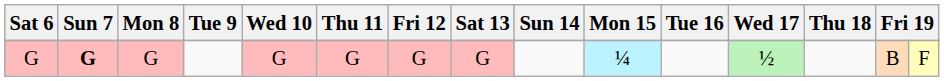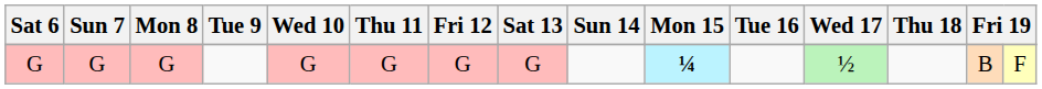 <table class="wikitable" style="margin:0.5em auto; font-size:90%; line-height:1.25em;">
 <tr align="center">
 <th>Sat 6</th>
 <th>Sun 7</th>
 <th>Mon 8</th>
 <th>Tue 9</th>
 <th>Wed 10</th>
 <th>Thu 11</th>
 <th>Fri 12</th>
 <th>Sat 13</th>
 <th>Sun 14</th>
 <th>Mon 15</th>
 <th>Tue 16</th>
 <th>Wed 17</th>
 <th>Thu 18</th>
 <th colspan="2">Fri 19</th>
 </tr>
 <tr>
 </tr>
 <tr align="center">
 <td bgcolor="#FFBBBB">G</td>
-<td bgcolor="#FFBBBB"><strong>G</strong></td>
+<td bgcolor="#FFBBBB">G</td>
 <td bgcolor="#FFBBBB">G</td>
 <td></td>
 <td bgcolor="#FFBBBB">G</td>
 <td bgcolor="#FFBBBB">G</td>
 <td bgcolor="#FFBBBB">G</td>
 <td bgcolor="#FFBBBB">G</td>
 <td></td>
-<td bgcolor="#BBF3FF">¼</td>
+<td bgcolor="#BBF3FF"><strong>¼</strong></td>
 <td></td>
 <td bgcolor="#BBF3BB">½</td>
 <td></td>
 <td bgcolor="#FEDCBA">B</td>
 <td bgcolor="#FFFFBB">F</td>
 </tr>
 </table>
